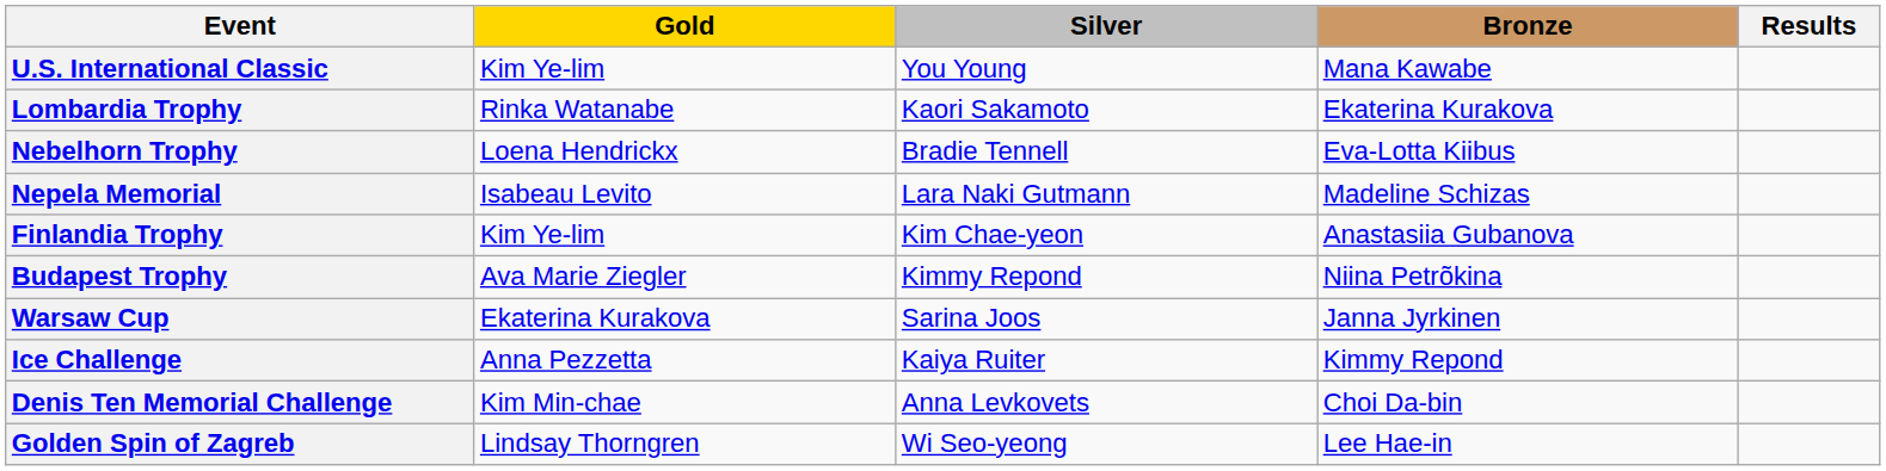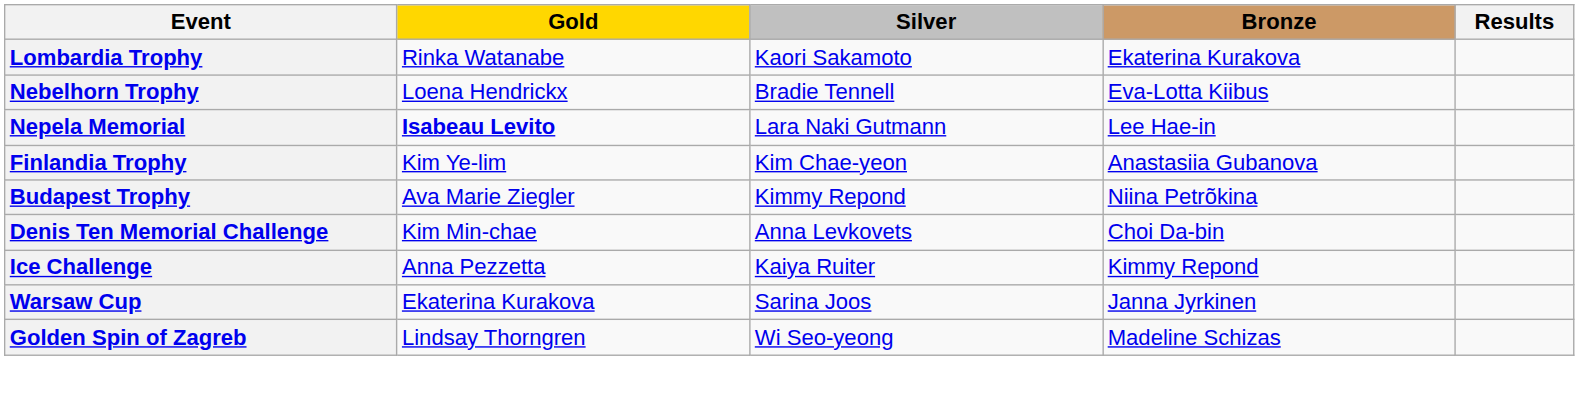 <table class="wikitable unsortable" style="text-align:left; width:90%;">
 <tr>
 <th scope="col" style="text-align:center; width:25%;">Event</th>
 <td scope="col" style="text-align:center; width:22.5%; background:gold"><strong>Gold</strong></td>
 <td scope="col" style="text-align:center; width:22.5%; background:silver"><strong>Silver</strong></td>
 <td scope="col" style="text-align:center; width:22.5%; background:#c96"><strong>Bronze</strong></td>
 <th scope="col" style="text-align:center; width:7.5%;">Results</th>
-</tr>
-<tr>
-<th scope="row" style="text-align:left"> <a href='#'>U.S. International Classic</a></th>
-<td> <a href='#'>Kim Ye-lim</a></td>
-<td> <a href='#'>You Young</a></td>
-<td> <a href='#'>Mana Kawabe</a></td>
-<td></td>
 </tr>
 <tr>
 <th scope="row" style="text-align:left"> <a href='#'>Lombardia Trophy</a></th>
 <td> <a href='#'>Rinka Watanabe</a></td>
 <td> <a href='#'>Kaori Sakamoto</a></td>
 <td> <a href='#'>Ekaterina Kurakova</a></td>
 <td></td>
 </tr>
 <tr>
 <th scope="row" style="text-align:left"> <a href='#'>Nebelhorn Trophy</a></th>
 <td> <a href='#'>Loena Hendrickx</a></td>
 <td> <a href='#'>Bradie Tennell</a></td>
 <td> <a href='#'>Eva-Lotta Kiibus</a></td>
 <td></td>
 </tr>
 <tr>
 <th scope="row" style="text-align:left"> <a href='#'>Nepela Memorial</a></th>
-<td> <a href='#'>Isabeau Levito</a></td>
+<td><strong> <a href='#'>Isabeau Levito</a></strong></td>
 <td> <a href='#'>Lara Naki Gutmann</a></td>
-<td> <a href='#'>Madeline Schizas</a></td>
+<td> <a href='#'>Lee Hae-in</a></td>
 <td></td>
 </tr>
 <tr>
 <th scope="row" style="text-align:left"> <a href='#'>Finlandia Trophy</a></th>
 <td> <a href='#'>Kim Ye-lim</a></td>
 <td> <a href='#'>Kim Chae-yeon</a></td>
 <td> <a href='#'>Anastasiia Gubanova</a></td>
 <td></td>
 </tr>
 <tr>
 <th scope="row" style="text-align:left"> <a href='#'>Budapest Trophy</a></th>
 <td> <a href='#'>Ava Marie Ziegler</a></td>
 <td> <a href='#'>Kimmy Repond</a></td>
 <td> <a href='#'>Niina Petrõkina</a></td>
 <td></td>
 </tr>
 <tr>
-<th scope="row" style="text-align:left"> <a href='#'>Warsaw Cup</a></th>
-<td> <a href='#'>Ekaterina Kurakova</a></td>
-<td> <a href='#'>Sarina Joos</a></td>
-<td> <a href='#'>Janna Jyrkinen</a></td>
+<th scope="row" style="text-align:left"> <a href='#'>Denis Ten Memorial Challenge</a></th>
+<td> <a href='#'>Kim Min-chae</a></td>
+<td> <a href='#'>Anna Levkovets</a></td>
+<td> <a href='#'>Choi Da-bin</a></td>
 <td></td>
 </tr>
 <tr>
 <th scope="row" style="text-align:left"> <a href='#'>Ice Challenge</a></th>
 <td> <a href='#'>Anna Pezzetta</a></td>
 <td> <a href='#'>Kaiya Ruiter</a></td>
 <td> <a href='#'>Kimmy Repond</a></td>
 <td> </td>
 </tr>
 <tr>
-<th scope="row" style="text-align:left"> <a href='#'>Denis Ten Memorial Challenge</a></th>
-<td> <a href='#'>Kim Min-chae</a></td>
-<td> <a href='#'>Anna Levkovets</a></td>
-<td> <a href='#'>Choi Da-bin</a></td>
+<th scope="row" style="text-align:left"> <a href='#'>Warsaw Cup</a></th>
+<td> <a href='#'>Ekaterina Kurakova</a></td>
+<td> <a href='#'>Sarina Joos</a></td>
+<td> <a href='#'>Janna Jyrkinen</a></td>
 <td></td>
 </tr>
 <tr>
 <th scope="row" style="text-align:left"> <a href='#'>Golden Spin of Zagreb</a></th>
 <td> <a href='#'>Lindsay Thorngren</a></td>
 <td> <a href='#'>Wi Seo-yeong</a></td>
-<td> <a href='#'>Lee Hae-in</a></td>
+<td> <a href='#'>Madeline Schizas</a></td>
 <td></td>
 </tr>
 </table>
